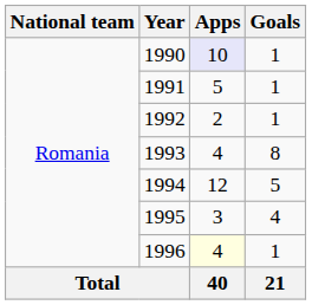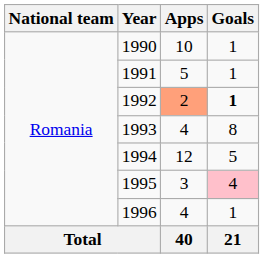 <table class="wikitable" style="text-align:center">
 <tr>
 <th>National team</th>
 <th>Year</th>
 <th>Apps</th>
 <th>Goals</th>
 </tr>
 <tr>
 <td rowspan="7"><a href='#'>Romania</a></td>
 <td>1990</td>
-<td style="background: lavender;">10</td>
+<td>10</td>
 <td>1</td>
 </tr>
 <tr>
 <td>1991</td>
 <td>5</td>
 <td>1</td>
 </tr>
 <tr>
 <td>1992</td>
-<td>2</td>
-<td>1</td>
+<td style="background: lightsalmon;">2</td>
+<td><strong>1</strong></td>
 </tr>
 <tr>
 <td>1993</td>
 <td>4</td>
 <td>8</td>
 </tr>
 <tr>
 <td>1994</td>
 <td>12</td>
 <td>5</td>
 </tr>
 <tr>
 <td>1995</td>
 <td>3</td>
-<td>4</td>
+<td style="background: pink;">4</td>
 </tr>
 <tr>
 <td>1996</td>
-<td style="background: lightyellow;">4</td>
+<td>4</td>
 <td>1</td>
 </tr>
 <tr>
 <th colspan="2">Total</th>
 <th>40</th>
 <th>21</th>
 </tr>
 </table>
